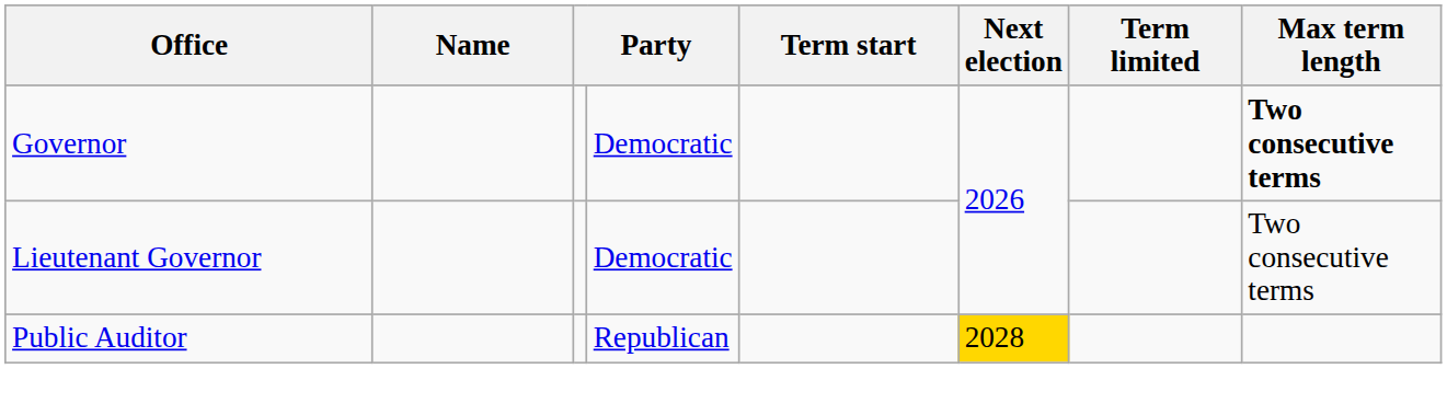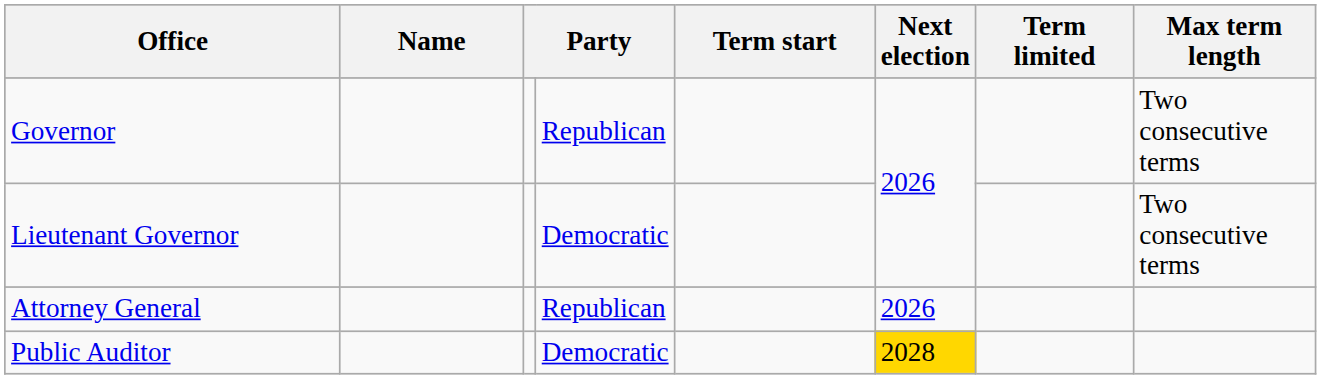 <table class="sortable wikitable">
 <tr>
 <th scope="col" width=190>Office</th>
 <th scope="col" width=100>Name</th>
 <th scope="col" width=75 colspan=2>Party</th>
 <th scope="col" width=110>Term start</th>
 <th scope="col" width=50>Next election</th>
 <th scope="col" width=85>Term limited</th>
 <th scope="col" width=100>Max term length</th>
 </tr>
 <tr>
 <td><a href='#'>Governor</a></td>
 <td></td>
 <td style="background-color:"></td>
-<td><a href='#'>Democratic</a></td>
+<td><a href='#'>Republican</a></td>
 <td></td>
 <td rowspan=2><a href='#'>2026</a></td>
 <td></td>
-<td><strong>Two consecutive terms</strong></td>
+<td>Two consecutive terms</td>
 </tr>
 <tr>
 <td><a href='#'>Lieutenant Governor</a></td>
 <td></td>
 <td style="background-color:"></td>
 <td><a href='#'>Democratic</a></td>
 <td></td>
 <td></td>
 <td>Two consecutive terms</td>
 </tr>
 <tr>
+<td><a href='#'>Attorney General</a></td>
+<td></td>
+<td style="background-color:"></td>
+<td><a href='#'>Republican</a></td>
+<td></td>
+<td><a href='#'>2026</a></td>
+<td></td>
+<td></td>
+</tr>
+<tr>
 <td><a href='#'>Public Auditor</a></td>
 <td></td>
 <td style="background-color:"></td>
-<td><a href='#'>Republican</a></td>
+<td><a href='#'>Democratic</a></td>
 <td></td>
 <td style="background: gold;">2028</td>
 <td></td>
 <td></td>
 </tr>
 </table>
